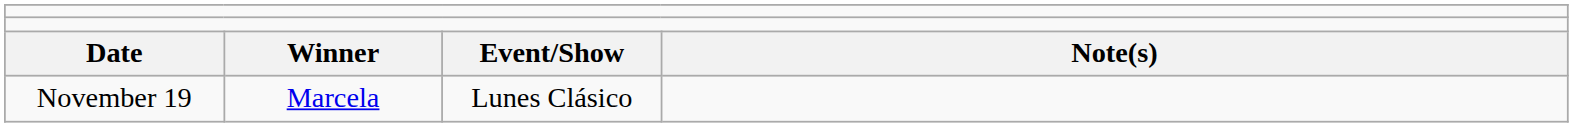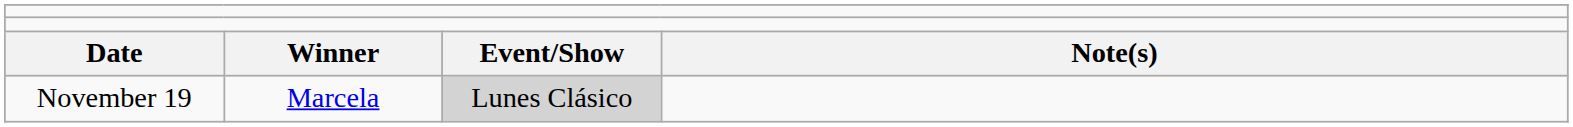 <table class="wikitable" style="text-align:center; width:100%;">
 <tr>
 <td colspan="5"></td>
 </tr>
 <tr>
 <td colspan="5"><strong></strong></td>
 </tr>
 <tr>
 <th width=14%>Date</th>
 <th width=14%>Winner</th>
 <th width=14%>Event/Show</th>
 <th width=58%>Note(s)</th>
 </tr>
 <tr>
 <td>November 19</td>
 <td><a href='#'>Marcela</a></td>
-<td>Lunes Clásico</td>
+<td style="background: lightgrey;">Lunes Clásico</td>
 <td></td>
 </tr>
 </table>
